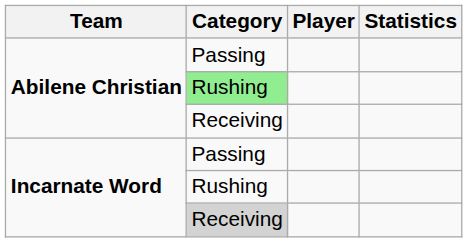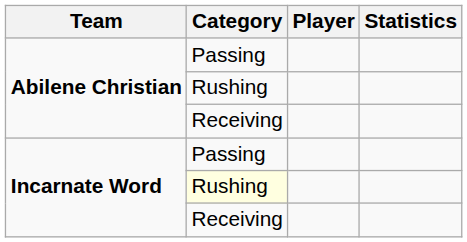 <table class="wikitable" style="float: right;">
 <tr>
 <th>Team</th>
 <th>Category</th>
 <th>Player</th>
 <th>Statistics</th>
 </tr>
 <tr>
 <td rowspan=3><strong>Abilene Christian</strong></td>
 <td>Passing</td>
 <td></td>
 <td></td>
 </tr>
 <tr>
-<td style="background: lightgreen;">Rushing</td>
+<td>Rushing</td>
 <td></td>
 <td></td>
 </tr>
 <tr>
 <td>Receiving</td>
 <td></td>
 <td></td>
 </tr>
 <tr>
 <td rowspan=3><strong>Incarnate Word</strong></td>
 <td>Passing</td>
 <td></td>
 <td></td>
 </tr>
 <tr>
-<td>Rushing</td>
+<td style="background: lightyellow;">Rushing</td>
 <td></td>
 <td></td>
 </tr>
 <tr>
-<td style="background: lightgrey;">Receiving</td>
+<td>Receiving</td>
 <td></td>
 <td></td>
 </tr>
 </table>
